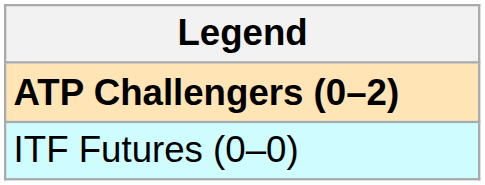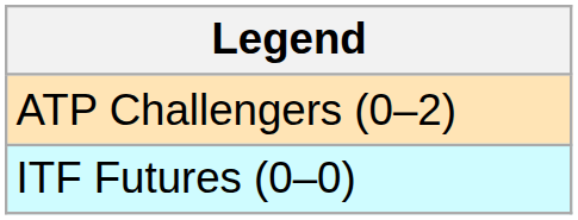 <table class="sortable wikitable">
 <tr>
 <th>Legend</th>
 </tr>
 <tr style="background:moccasin;">
-<td width="200"><strong>ATP Challengers (0–2)</strong></td>
+<td width="200">ATP Challengers (0–2)</td>
 </tr>
 <tr style="background:#cffcff;">
 <td width="200">ITF Futures (0–0)</td>
 </tr>
 </table>
